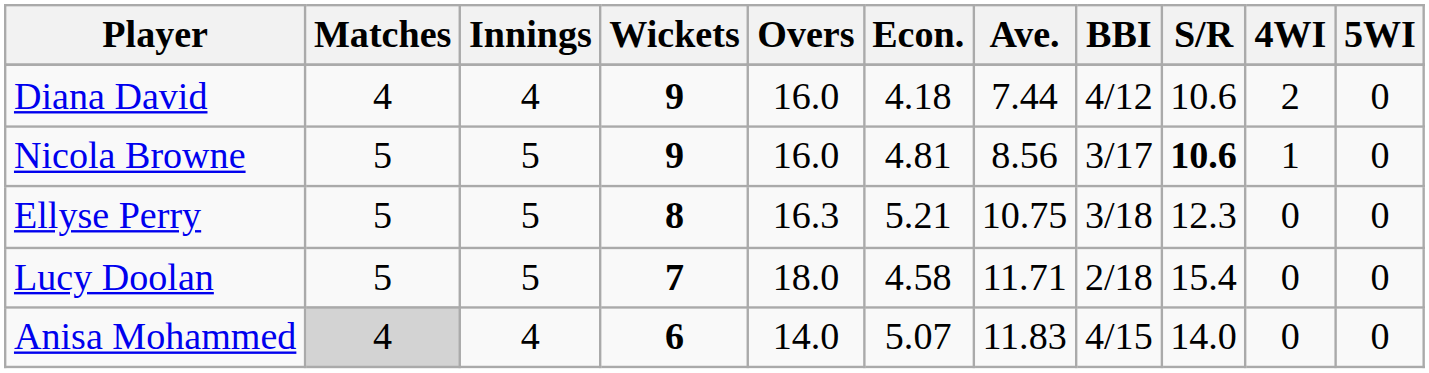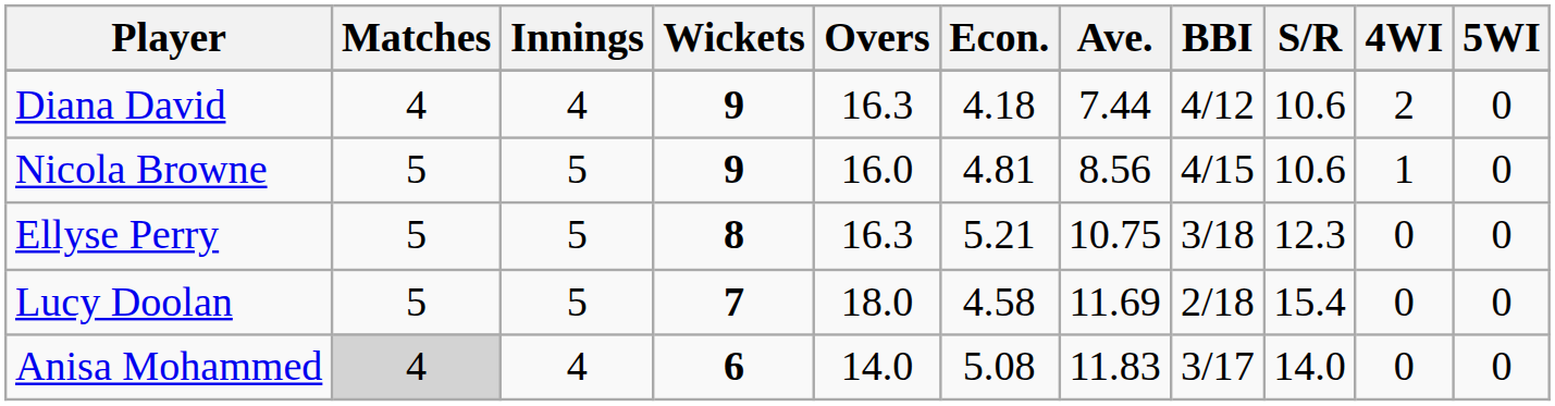 <table class="wikitable" style="text-align: center;">
 <tr>
 <th>Player</th>
 <th>Matches</th>
 <th>Innings</th>
 <th>Wickets</th>
 <th>Overs</th>
 <th>Econ.</th>
 <th>Ave.</th>
 <th>BBI</th>
 <th>S/R</th>
 <th>4WI</th>
 <th>5WI</th>
 </tr>
 <tr>
 </tr>
 <tr>
 <td style="text-align:left"> <a href='#'>Diana David</a></td>
 <td>4</td>
 <td>4</td>
 <td><strong>9</strong></td>
-<td>16.0</td>
+<td>16.3</td>
 <td>4.18</td>
 <td>7.44</td>
 <td>4/12</td>
 <td>10.6</td>
 <td>2</td>
 <td>0</td>
 </tr>
 <tr>
 <td style="text-align:left"> <a href='#'>Nicola Browne</a></td>
 <td>5</td>
 <td>5</td>
 <td><strong>9</strong></td>
 <td>16.0</td>
 <td>4.81</td>
 <td>8.56</td>
-<td>3/17</td>
-<td><strong>10.6</strong></td>
+<td>4/15</td>
+<td>10.6</td>
 <td>1</td>
 <td>0</td>
 </tr>
 <tr>
 <td style="text-align:left"> <a href='#'>Ellyse Perry</a></td>
 <td>5</td>
 <td>5</td>
 <td><strong>8</strong></td>
 <td>16.3</td>
 <td>5.21</td>
 <td>10.75</td>
 <td>3/18</td>
 <td>12.3</td>
 <td>0</td>
 <td>0</td>
 </tr>
 <tr>
 <td style="text-align:left"> <a href='#'>Lucy Doolan</a></td>
 <td>5</td>
 <td>5</td>
 <td><strong>7</strong></td>
 <td>18.0</td>
 <td>4.58</td>
-<td>11.71</td>
+<td>11.69</td>
 <td>2/18</td>
 <td>15.4</td>
 <td>0</td>
 <td>0</td>
 </tr>
 <tr>
 <td style="text-align:left"> <a href='#'>Anisa Mohammed</a></td>
 <td style="background: lightgrey;">4</td>
 <td>4</td>
 <td><strong>6</strong></td>
 <td>14.0</td>
-<td>5.07</td>
+<td>5.08</td>
 <td>11.83</td>
-<td>4/15</td>
+<td>3/17</td>
 <td>14.0</td>
 <td>0</td>
 <td>0</td>
 </tr>
 </table>
